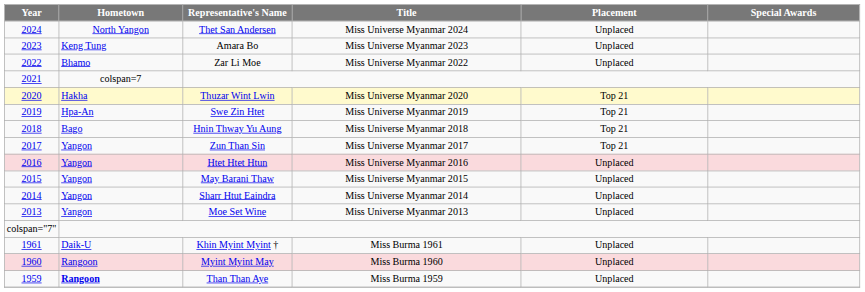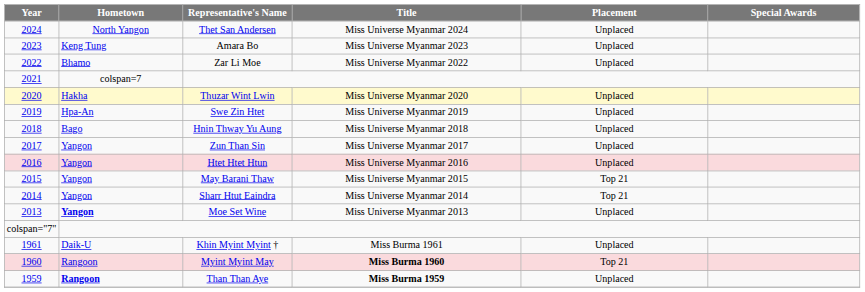 <table class="wikitable sortable" style="font-size: 90%; text-align:center">
 <tr>
 <th width="60" style="background-color:#787878;color:#FFFFFF;">Year</th>
 <th width="170" style="background-color:#787878;color:#FFFFFF;">Hometown</th>
 <th width="150" style="background-color:#787878;color:#FFFFFF;">Representative's Name</th>
 <th width="320" style="background-color:#787878;color:#FFFFFF;">Title</th>
 <th width="260" style="background-color:#787878;color:#FFFFFF;">Placement</th>
 <th width="210" style="background-color:#787878;color:#FFFFFF;">Special Awards</th>
 </tr>
 <tr>
 <td><a href='#'>2024</a></td>
 <td> <a href='#'>North Yangon</a></td>
 <td><a href='#'>Thet San Andersen</a></td>
 <td>Miss Universe Myanmar 2024</td>
 <td>Unplaced</td>
 <td></td>
 </tr>
 <tr>
 <td><a href='#'>2023</a></td>
 <td align=left> <a href='#'>Keng Tung</a></td>
 <td>Amara Bo</td>
 <td>Miss Universe Myanmar 2023</td>
 <td>Unplaced</td>
 <td></td>
 </tr>
 <tr>
 <td><a href='#'>2022</a></td>
 <td align=left> <a href='#'>Bhamo</a></td>
 <td>Zar Li Moe</td>
 <td>Miss Universe Myanmar 2022</td>
 <td>Unplaced</td>
 <td></td>
 </tr>
 <tr>
 <td><a href='#'>2021</a></td>
 <td>colspan=7 </td>
 </tr>
 <tr style="background-color:#FFFACD;">
 <td><a href='#'>2020</a></td>
 <td align=left> <a href='#'>Hakha</a></td>
 <td><a href='#'>Thuzar Wint Lwin</a></td>
 <td>Miss Universe Myanmar 2020</td>
-<td>Top 21</td>
+<td>Unplaced</td>
 <td style="background:;"></td>
 </tr>
 <tr>
 <td><a href='#'>2019</a></td>
 <td align=left> <a href='#'>Hpa-An</a></td>
 <td><a href='#'>Swe Zin Htet</a></td>
 <td>Miss Universe Myanmar 2019</td>
-<td>Top 21</td>
+<td>Unplaced</td>
 <td></td>
 </tr>
 <tr>
 <td><a href='#'>2018</a></td>
 <td align=left> <a href='#'>Bago</a></td>
 <td><a href='#'>Hnin Thway Yu Aung</a></td>
 <td>Miss Universe Myanmar 2018</td>
-<td>Top 21</td>
+<td>Unplaced</td>
 <td></td>
 </tr>
 <tr>
 <td><a href='#'>2017</a></td>
 <td align=left> <a href='#'>Yangon</a></td>
 <td><a href='#'>Zun Than Sin</a></td>
 <td>Miss Universe Myanmar 2017</td>
-<td>Top 21</td>
+<td>Unplaced</td>
 <td></td>
 </tr>
 <tr style="background-color:#FADADD; ">
 <td><a href='#'>2016</a></td>
 <td align=left> <a href='#'>Yangon</a></td>
 <td><a href='#'>Htet Htet Htun</a></td>
 <td>Miss Universe Myanmar 2016</td>
 <td>Unplaced</td>
 <td style="background:;"></td>
 </tr>
 <tr>
 <td><a href='#'>2015</a></td>
 <td align=left> <a href='#'>Yangon</a></td>
 <td><a href='#'>May Barani Thaw</a></td>
 <td>Miss Universe Myanmar 2015</td>
-<td>Unplaced</td>
+<td>Top 21</td>
 <td></td>
 </tr>
 <tr>
 <td><a href='#'>2014</a></td>
 <td align=left> <a href='#'>Yangon</a></td>
 <td><a href='#'>Sharr Htut Eaindra</a></td>
 <td>Miss Universe Myanmar 2014</td>
-<td>Unplaced</td>
+<td>Top 21</td>
 <td></td>
 </tr>
 <tr>
 <td><a href='#'>2013</a></td>
-<td align=left> <a href='#'>Yangon</a></td>
+<td align=left><strong> <a href='#'>Yangon</a></strong></td>
 <td><a href='#'>Moe Set Wine</a></td>
 <td>Miss Universe Myanmar 2013</td>
 <td>Unplaced</td>
 <td></td>
 </tr>
 <tr>
 <td>colspan="7" </td>
 </tr>
 <tr>
 <td><a href='#'>1961</a></td>
 <td align=left> <a href='#'>Daik-U</a></td>
 <td><a href='#'>Khin Myint Myint</a> †</td>
 <td>Miss Burma 1961</td>
 <td>Unplaced</td>
 <td></td>
 </tr>
 <tr style="background-color:#FADADD; ">
 <td><a href='#'>1960</a></td>
 <td align=left> <a href='#'>Rangoon</a></td>
 <td><a href='#'>Myint Myint May</a></td>
-<td>Miss Burma 1960</td>
-<td>Unplaced</td>
+<td><strong>Miss Burma 1960</strong></td>
+<td>Top 21</td>
 <td style="background:;"></td>
 </tr>
 <tr>
 <td><a href='#'>1959</a></td>
 <td align=left><strong> <a href='#'>Rangoon</a></strong></td>
 <td><a href='#'>Than Than Aye</a></td>
-<td>Miss Burma 1959</td>
+<td><strong>Miss Burma 1959</strong></td>
 <td>Unplaced</td>
 <td></td>
 </tr>
 <tr>
 </tr>
 </table>
